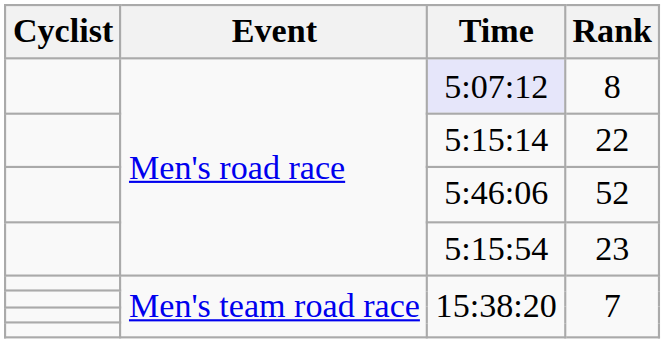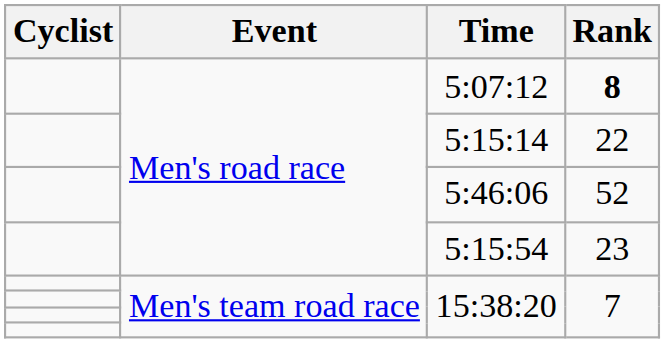 <table class="wikitable sortable" style="text-align:center">
 <tr>
 <th>Cyclist</th>
 <th>Event</th>
 <th>Time</th>
 <th>Rank</th>
 </tr>
 <tr>
 <td align=left></td>
 <td align=left rowspan=4><a href='#'>Men's road race</a></td>
-<td style="background: lavender;">5:07:12</td>
-<td>8</td>
+<td>5:07:12</td>
+<td><strong>8</strong></td>
 </tr>
 <tr>
 <td align=left></td>
 <td>5:15:14</td>
 <td>22</td>
 </tr>
 <tr>
 <td align=left></td>
 <td>5:46:06</td>
 <td>52</td>
 </tr>
 <tr>
 <td align=left></td>
 <td>5:15:54</td>
 <td>23</td>
 </tr>
 <tr>
 <td align=left></td>
 <td align=left rowspan=4><a href='#'>Men's team road race</a></td>
 <td rowspan=4>15:38:20</td>
 <td rowspan=4>7</td>
 </tr>
 <tr>
 <td align=left></td>
 </tr>
 <tr>
 <td align=left></td>
 </tr>
 <tr>
 <td align=left></td>
 </tr>
 </table>
